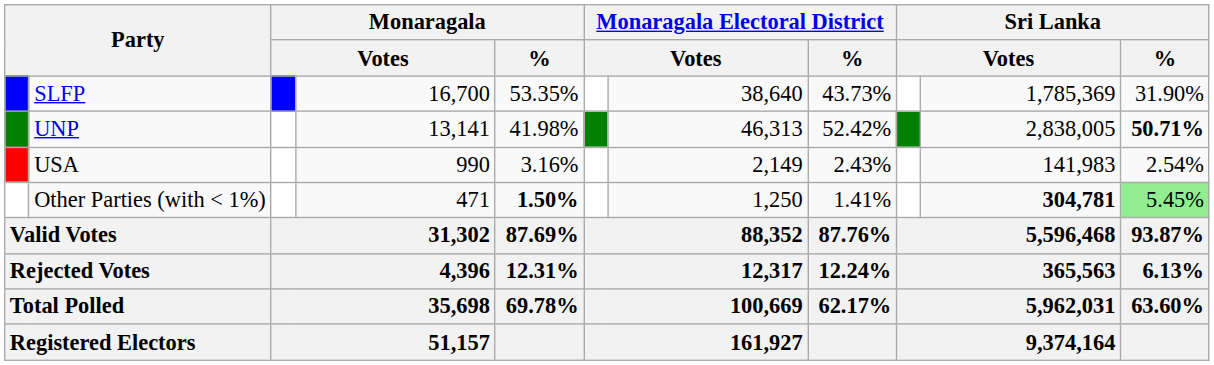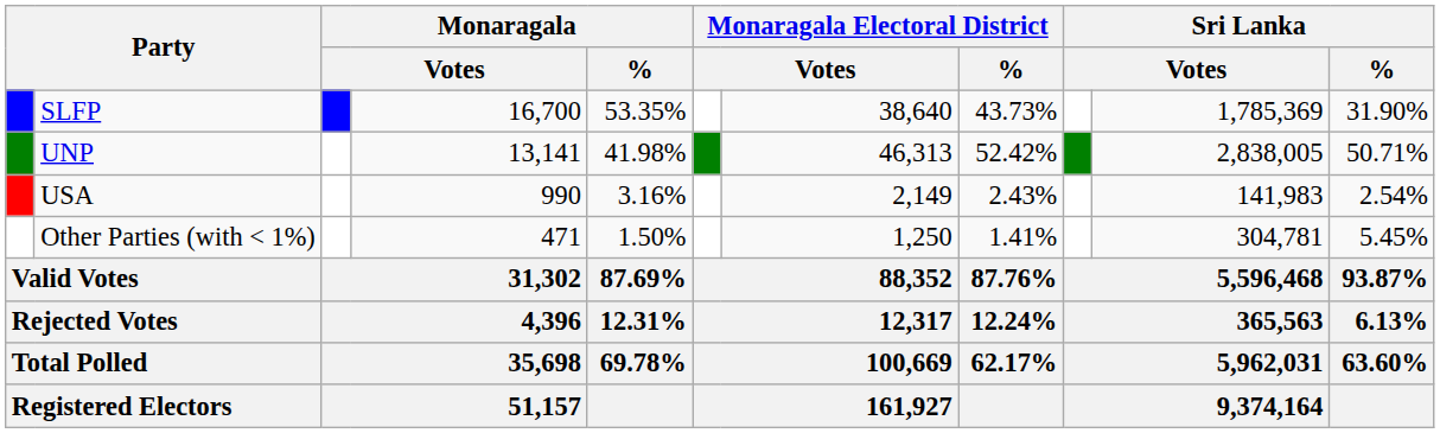 <table class="wikitable">
 <tr>
 <th colspan="2" width="144px"rowspan="2">Party</th>
 <th colspan="3" width="216px">Monaragala</th>
 <th colspan="3" width="216px"><a href='#'>Monaragala Electoral District</a></th>
 <th colspan="3" width="216px">Sri Lanka</th>
 </tr>
 <tr>
 <th colspan="2" width="144px">Votes</th>
 <th>%</th>
 <th colspan="2" width="144px">Votes</th>
 <th>%</th>
 <th colspan="2" width="144px">Votes</th>
 <th>%</th>
 </tr>
 <tr>
 <td style="background-color:blue;" width="10px"></td>
 <td style="text-align:left;"><a href='#'>SLFP</a></td>
 <td style="background-color:blue;" width="10px"></td>
 <td style="text-align:right;">16,700</td>
 <td style="text-align:right;">53.35%</td>
 <td style="background-color:white;" width="10px"></td>
 <td style="text-align:right;">38,640</td>
 <td style="text-align:right;">43.73%</td>
 <td style="background-color:white;" width="10px"></td>
 <td style="text-align:right;">1,785,369</td>
 <td style="text-align:right;">31.90%</td>
 </tr>
 <tr>
 <td style="background-color:green;" width="10px"></td>
 <td style="text-align:left;"><a href='#'>UNP</a></td>
 <td style="background-color:white;" width="10px"></td>
 <td style="text-align:right;">13,141</td>
 <td style="text-align:right;">41.98%</td>
 <td style="background-color:green;" width="10px"></td>
 <td style="text-align:right;">46,313</td>
 <td style="text-align:right;">52.42%</td>
 <td style="background-color:green;" width="10px"></td>
 <td style="text-align:right;">2,838,005</td>
-<td style="text-align:right;"><strong>50.71%</strong></td>
+<td style="text-align:right;">50.71%</td>
 </tr>
 <tr>
 <td style="background-color:red;" width="10px"></td>
 <td style="text-align:left;">USA</td>
 <td style="background-color:white;" width="10px"></td>
 <td style="text-align:right;">990</td>
 <td style="text-align:right;">3.16%</td>
 <td style="background-color:white;" width="10px"></td>
 <td style="text-align:right;">2,149</td>
 <td style="text-align:right;">2.43%</td>
 <td style="background-color:white;" width="10px"></td>
 <td style="text-align:right;">141,983</td>
 <td style="text-align:right;">2.54%</td>
 </tr>
 <tr>
 <td style="background-color:white;" width="10px"></td>
 <td style="text-align:left;">Other Parties (with < 1%)</td>
 <td style="background-color:white;" width="10px"></td>
 <td style="text-align:right;">471</td>
-<td style="text-align:right;"><strong>1.50%</strong></td>
+<td style="text-align:right;">1.50%</td>
 <td style="background-color:white;" width="10px"></td>
 <td style="text-align:right;">1,250</td>
 <td style="text-align:right;">1.41%</td>
 <td style="background-color:white;" width="10px"></td>
-<td style="text-align:right;"><strong>304,781</strong></td>
-<td style="background: lightgreen; text-align:right;">5.45%</td>
+<td style="text-align:right;">304,781</td>
+<td style="text-align:right;">5.45%</td>
 </tr>
 <tr>
 <th colspan="2" width="144px"style="text-align:left;">Valid Votes</th>
 <th style="text-align:right;"colspan="2" width="144px">31,302</th>
 <th style="text-align:right;">87.69%</th>
 <th style="text-align:right;"colspan="2" width="144px">88,352</th>
 <th style="text-align:right;">87.76%</th>
 <th style="text-align:right;"colspan="2" width="144px">5,596,468</th>
 <th style="text-align:right;">93.87%</th>
 </tr>
 <tr>
 <th colspan="2" width="144px"style="text-align:left;">Rejected Votes</th>
 <th style="text-align:right;"colspan="2" width="144px">4,396</th>
 <th style="text-align:right;">12.31%</th>
 <th style="text-align:right;"colspan="2" width="144px">12,317</th>
 <th style="text-align:right;">12.24%</th>
 <th style="text-align:right;"colspan="2" width="144px">365,563</th>
 <th style="text-align:right;">6.13%</th>
 </tr>
 <tr>
 <th colspan="2" width="144px"style="text-align:left;">Total Polled</th>
 <th style="text-align:right;"colspan="2" width="144px">35,698</th>
 <th style="text-align:right;">69.78%</th>
 <th style="text-align:right;"colspan="2" width="144px">100,669</th>
 <th style="text-align:right;">62.17%</th>
 <th style="text-align:right;"colspan="2" width="144px">5,962,031</th>
 <th style="text-align:right;">63.60%</th>
 </tr>
 <tr>
 <th colspan="2" width="144px"style="text-align:left;">Registered Electors</th>
 <th style="text-align:right;"colspan="2" width="144px">51,157</th>
 <th></th>
 <th style="text-align:right;"colspan="2" width="144px">161,927</th>
 <th></th>
 <th style="text-align:right;"colspan="2" width="144px">9,374,164</th>
 <th></th>
 </tr>
 </table>
